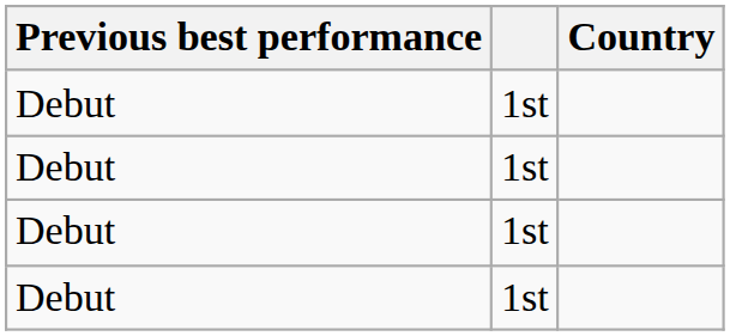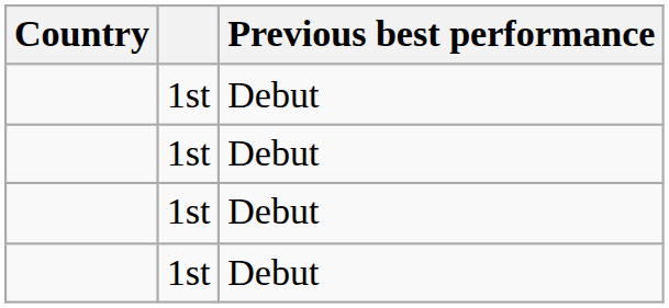 <table class="wikitable sortable" style="text-align:left;">
 <tr>
+<th>Country</th>
+<th></th>
 <th>Previous best performance</th>
-<th></th>
-<th>Country</th>
 </tr>
 <tr>
+<td></td>
+<td align="center">1st</td>
 <td>Debut</td>
-<td align="center">1st</td>
-<td></td>
 </tr>
 <tr>
+<td></td>
+<td align="center">1st</td>
 <td>Debut</td>
-<td align="center">1st</td>
-<td></td>
 </tr>
 <tr>
+<td></td>
+<td align="center">1st</td>
 <td>Debut</td>
-<td align="center">1st</td>
-<td></td>
 </tr>
 <tr>
+<td></td>
+<td align="center">1st</td>
 <td>Debut</td>
-<td align="center">1st</td>
-<td></td>
 </tr>
 </table>
